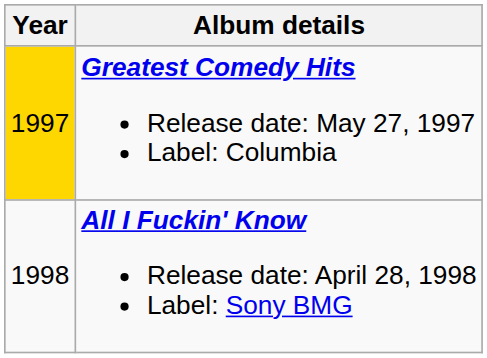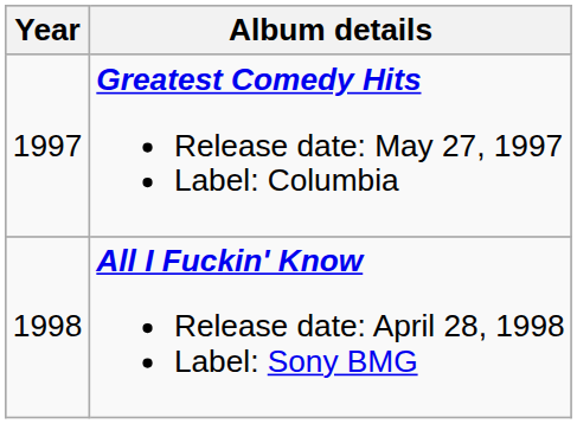 <table class="wikitable">
 <tr>
 <th>Year</th>
 <th>Album details</th>
 </tr>
 <tr>
-<td style="background: gold;">1997</td>
+<td>1997</td>
 <td><strong><em><a href='#'>Greatest Comedy Hits</a></em></strong><br><ul><li>Release date: May 27, 1997</li><li>Label: Columbia</li></ul></td>
 </tr>
 <tr>
 <td>1998</td>
 <td><strong><em><a href='#'>All I Fuckin' Know</a></em></strong><br><ul><li>Release date: April 28, 1998</li><li>Label: <a href='#'>Sony BMG</a></li></ul></td>
 </tr>
 </table>
